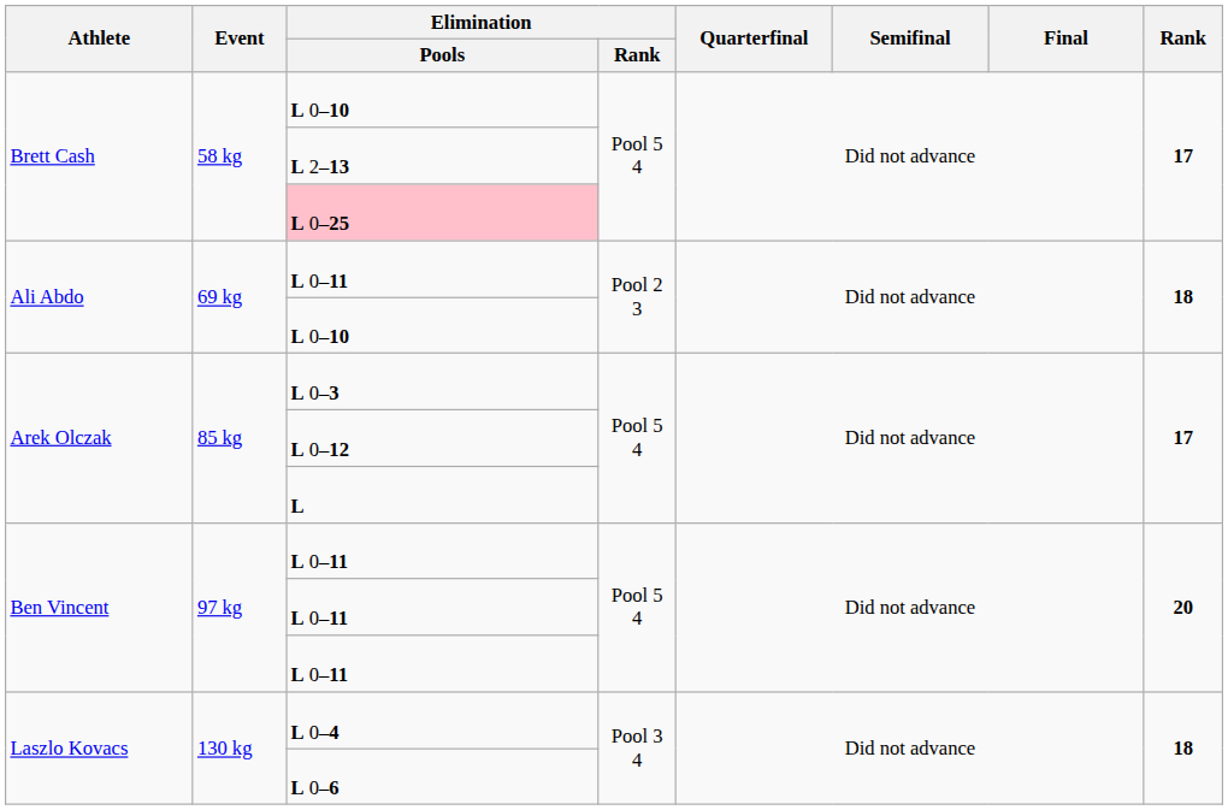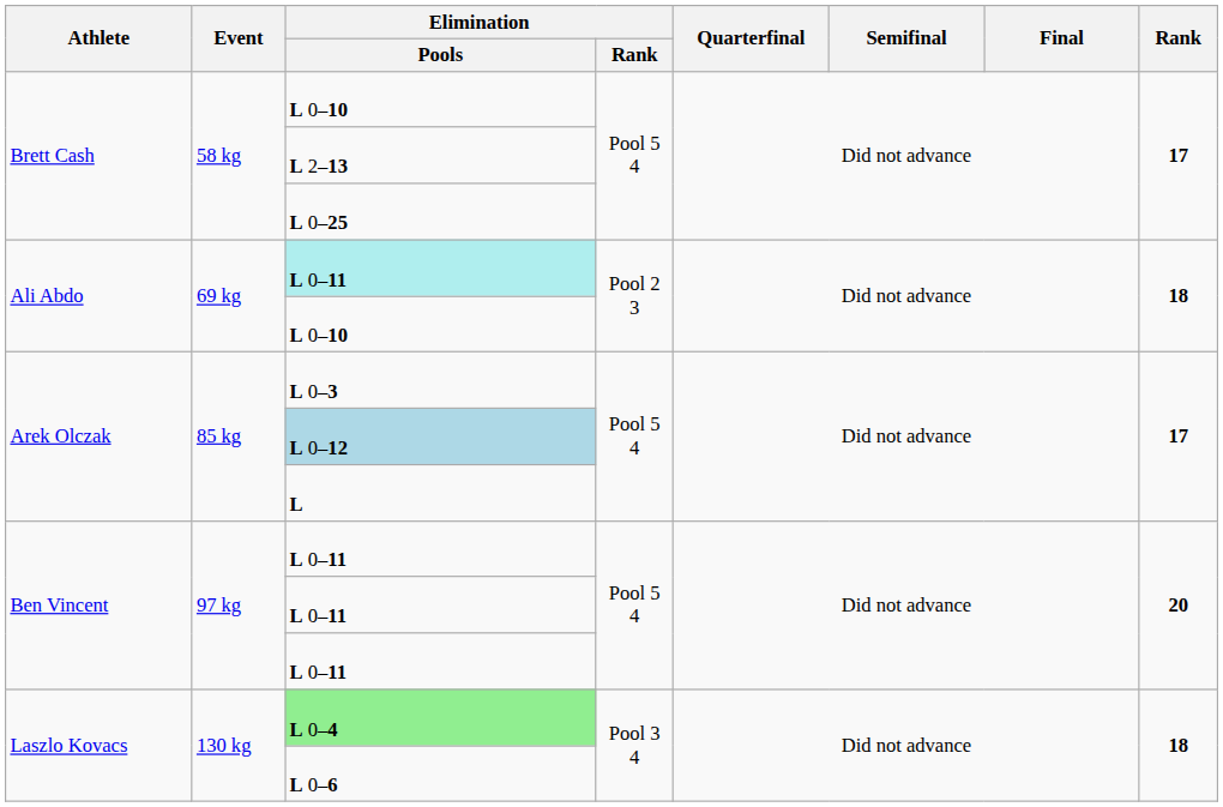 <table class="wikitable"  style="text-align:left; font-size:90%">
 <tr>
 <th rowspan="2" width="12%">Athlete</th>
 <th rowspan="2" width="6%">Event</th>
 <th colspan="2">Elimination</th>
 <th rowspan="2" width="10%">Quarterfinal</th>
 <th rowspan="2" width="10%">Semifinal</th>
 <th rowspan="2" width="10%">Final</th>
 <th rowspan="2" width="5%">Rank</th>
 </tr>
 <tr>
 <th width="20%">Pools</th>
 <th width="5%">Rank</th>
 </tr>
 <tr>
 <td rowspan="3"><a href='#'>Brett Cash</a></td>
 <td rowspan="3"><a href='#'>58 kg</a></td>
 <td><br><strong>L</strong> 0–<strong>10</strong></td>
 <td rowspan="3" align=center>Pool 5<br>4</td>
 <td rowspan="3" colspan=3 align=center>Did not advance</td>
 <td rowspan="3" align="center"><strong>17</strong></td>
 </tr>
 <tr>
 <td><br><strong>L</strong> 2–<strong>13</strong></td>
 </tr>
 <tr>
-<td style="background: pink;"><br><strong>L</strong> 0–<strong>25</strong></td>
+<td><br><strong>L</strong> 0–<strong>25</strong></td>
 </tr>
 <tr>
 <td rowspan="2"><a href='#'>Ali Abdo</a></td>
 <td rowspan="2"><a href='#'>69 kg</a></td>
-<td><br><strong>L</strong> 0–<strong>11</strong></td>
+<td style="background: paleturquoise;"><br><strong>L</strong> 0–<strong>11</strong></td>
 <td rowspan="2" align=center>Pool 2<br>3</td>
 <td rowspan="2" colspan=3 align=center>Did not advance</td>
 <td rowspan="2" align="center"><strong>18</strong></td>
 </tr>
 <tr>
 <td><br><strong>L</strong> 0–<strong>10</strong></td>
 </tr>
 <tr>
 <td rowspan="3"><a href='#'>Arek Olczak</a></td>
 <td rowspan="3"><a href='#'>85 kg</a></td>
 <td><br><strong>L</strong> 0–<strong>3</strong></td>
 <td rowspan="3" align=center>Pool 5<br>4</td>
 <td rowspan="3" colspan=3 align=center>Did not advance</td>
 <td rowspan="3" align="center"><strong>17</strong></td>
 </tr>
 <tr>
-<td><br><strong>L</strong> 0–<strong>12</strong></td>
+<td style="background: lightblue;"><br><strong>L</strong> 0–<strong>12</strong></td>
 </tr>
 <tr>
 <td><br><strong>L</strong></td>
 </tr>
 <tr>
 <td rowspan="3"><a href='#'>Ben Vincent</a></td>
 <td rowspan="3"><a href='#'>97 kg</a></td>
 <td><br><strong>L</strong> 0–<strong>11</strong></td>
 <td rowspan="3" align=center>Pool 5<br>4</td>
 <td rowspan="3" colspan=3 align=center>Did not advance</td>
 <td rowspan="3" align="center"><strong>20</strong></td>
 </tr>
 <tr>
 <td><br><strong>L</strong> 0–<strong>11</strong></td>
 </tr>
 <tr>
 <td><br><strong>L</strong> 0–<strong>11</strong></td>
 </tr>
 <tr>
 <td rowspan="2"><a href='#'>Laszlo Kovacs</a></td>
 <td rowspan="2"><a href='#'>130 kg</a></td>
-<td><br><strong>L</strong> 0–<strong>4</strong></td>
+<td style="background: lightgreen;"><br><strong>L</strong> 0–<strong>4</strong></td>
 <td rowspan="2" align=center>Pool 3<br>4</td>
 <td rowspan="2" colspan=3 align=center>Did not advance</td>
 <td rowspan="2" align="center"><strong>18</strong></td>
 </tr>
 <tr>
 <td><br><strong>L</strong> 0–<strong>6</strong></td>
 </tr>
 </table>
